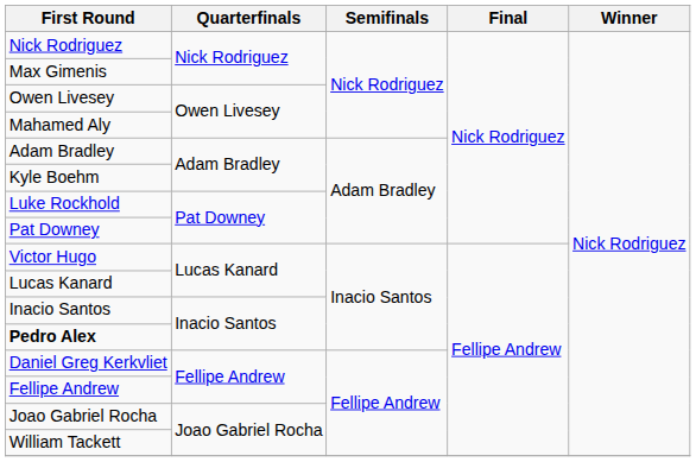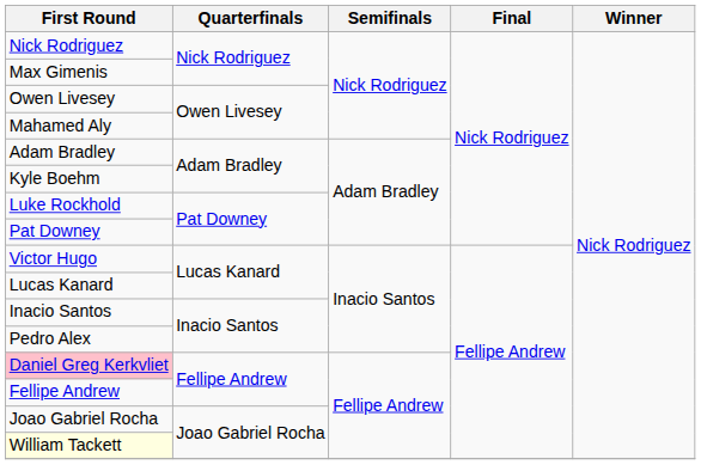 <table class="wikitable">
 <tr>
 <th>First Round</th>
 <th>Quarterfinals</th>
 <th>Semifinals</th>
 <th>Final</th>
 <th>Winner</th>
 </tr>
 <tr>
 <td> <a href='#'>Nick Rodriguez</a></td>
 <td rowspan="2"> <a href='#'>Nick Rodriguez</a></td>
 <td rowspan="4"> <a href='#'>Nick Rodriguez</a></td>
 <td rowspan="8"> <a href='#'>Nick Rodriguez</a></td>
 <td rowspan="16"> <a href='#'>Nick Rodriguez</a></td>
 </tr>
 <tr>
 <td> Max Gimenis</td>
 </tr>
 <tr>
 <td> Owen Livesey</td>
 <td rowspan="2"> Owen Livesey</td>
 </tr>
 <tr>
 <td> Mahamed Aly</td>
 </tr>
 <tr>
 <td> Adam Bradley</td>
 <td rowspan="2"> Adam Bradley</td>
 <td rowspan="4"> Adam Bradley</td>
 </tr>
 <tr>
 <td> Kyle Boehm</td>
 </tr>
 <tr>
 <td> <a href='#'>Luke Rockhold</a></td>
 <td rowspan="2"> <a href='#'>Pat Downey</a></td>
 </tr>
 <tr>
 <td> <a href='#'>Pat Downey</a></td>
 </tr>
 <tr>
 <td> <a href='#'>Victor Hugo</a></td>
 <td rowspan="2"> Lucas Kanard</td>
 <td rowspan="4"> Inacio Santos</td>
 <td rowspan="8"> <a href='#'>Fellipe Andrew</a></td>
 </tr>
 <tr>
 <td> Lucas Kanard</td>
 </tr>
 <tr>
 <td> Inacio Santos</td>
 <td rowspan="2"> Inacio Santos</td>
 </tr>
 <tr>
-<td><strong> Pedro Alex</strong></td>
+<td> Pedro Alex</td>
 </tr>
 <tr>
-<td> <a href='#'>Daniel Greg Kerkvliet</a></td>
+<td style="background: pink;"> <a href='#'>Daniel Greg Kerkvliet</a></td>
 <td rowspan="2"> <a href='#'>Fellipe Andrew</a></td>
 <td rowspan="4"> <a href='#'>Fellipe Andrew</a></td>
 </tr>
 <tr>
 <td> <a href='#'>Fellipe Andrew</a></td>
 </tr>
 <tr>
 <td> Joao Gabriel Rocha</td>
 <td rowspan="2"> Joao Gabriel Rocha</td>
 </tr>
 <tr>
-<td> William Tackett</td>
+<td style="background: lightyellow;"> William Tackett</td>
 </tr>
 <tr>
 </tr>
 </table>
